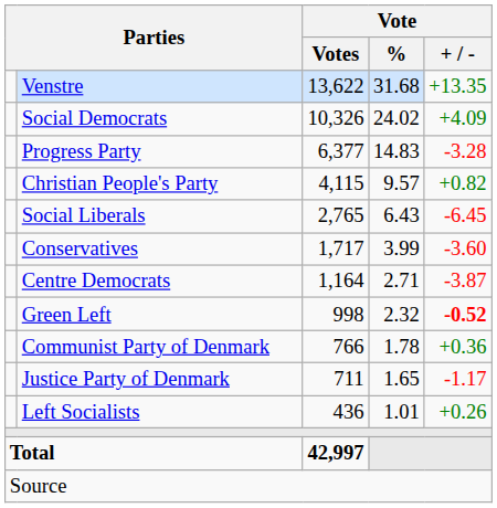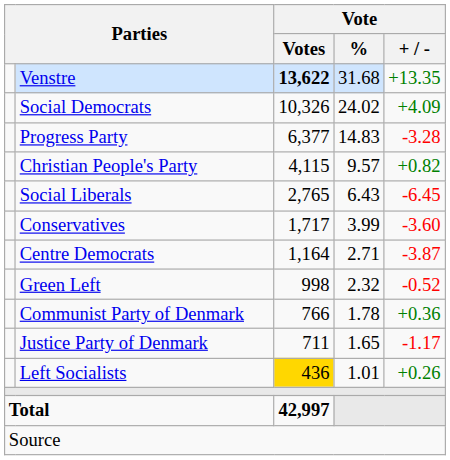 <table class="wikitable" style="text-align:right;">
 <tr>
 <th style="text-align:centre;" rowspan="2" colspan="2" width="225">Parties</th>
 <th colspan="3">Vote</th>
 </tr>
 <tr>
 <th width="15">Votes</th>
 <th width="15">%</th>
 <th width="15">+ / -</th>
 </tr>
 <tr>
 <td width="2" style="color:inherit;background:"></td>
 <td bgcolor=#cfe5fe  align="left"><a href='#'>Venstre</a></td>
-<td bgcolor=#cfe5fe>13,622</td>
+<td bgcolor=#cfe5fe><strong>13,622</strong></td>
 <td bgcolor=#cfe5fe>31.68</td>
 <td style=color:green;>+13.35</td>
 </tr>
 <tr>
 <td width="2" style="color:inherit;background:"></td>
 <td align="left"><a href='#'>Social Democrats</a></td>
 <td>10,326</td>
 <td>24.02</td>
 <td style=color:green;>+4.09</td>
 </tr>
 <tr>
 <td width="2" style="color:inherit;background:"></td>
 <td align="left"><a href='#'>Progress Party</a></td>
 <td>6,377</td>
 <td>14.83</td>
 <td style=color:red;>-3.28</td>
 </tr>
 <tr>
 <td width="2" style="color:inherit;background:"></td>
 <td align="left"><a href='#'>Christian People's Party</a></td>
 <td>4,115</td>
 <td>9.57</td>
 <td style=color:green;>+0.82</td>
 </tr>
 <tr>
 <td width="2" style="color:inherit;background:"></td>
 <td align="left"><a href='#'>Social Liberals</a></td>
 <td>2,765</td>
 <td>6.43</td>
 <td style=color:red;>-6.45</td>
 </tr>
 <tr>
 <td width="2" style="color:inherit;background:"></td>
 <td align="left"><a href='#'>Conservatives</a></td>
 <td>1,717</td>
 <td>3.99</td>
 <td style=color:red;>-3.60</td>
 </tr>
 <tr>
 <td width="2" style="color:inherit;background:"></td>
 <td align="left"><a href='#'>Centre Democrats</a></td>
 <td>1,164</td>
 <td>2.71</td>
 <td style=color:red;>-3.87</td>
 </tr>
 <tr>
 <td width="2" style="color:inherit;background:"></td>
 <td align="left"><a href='#'>Green Left</a></td>
 <td>998</td>
 <td>2.32</td>
-<td style=color:red;><strong>-0.52</strong></td>
+<td style=color:red;>-0.52</td>
 </tr>
 <tr>
 <td width="2" style="color:inherit;background:"></td>
 <td align="left"><a href='#'>Communist Party of Denmark</a></td>
 <td>766</td>
 <td>1.78</td>
 <td style=color:green;>+0.36</td>
 </tr>
 <tr>
 <td width="2" style="color:inherit;background:"></td>
 <td align="left"><a href='#'>Justice Party of Denmark</a></td>
 <td>711</td>
 <td>1.65</td>
 <td style=color:red;>-1.17</td>
 </tr>
 <tr>
 <td width="2" style="color:inherit;background:"></td>
 <td align="left"><a href='#'>Left Socialists</a></td>
-<td>436</td>
+<td style="background: gold;">436</td>
 <td>1.01</td>
 <td style=color:green;>+0.26</td>
 </tr>
 <tr>
 <td colspan="7" bgcolor="#E9E9E9"></td>
 </tr>
 <tr>
 <td align="left" colspan="2"><strong>Total</strong></td>
 <td><strong>42,997</strong></td>
 <td bgcolor="#E9E9E9" colspan="2"></td>
 </tr>
 <tr>
 <td align="left" colspan="6">Source</td>
 </tr>
 </table>
